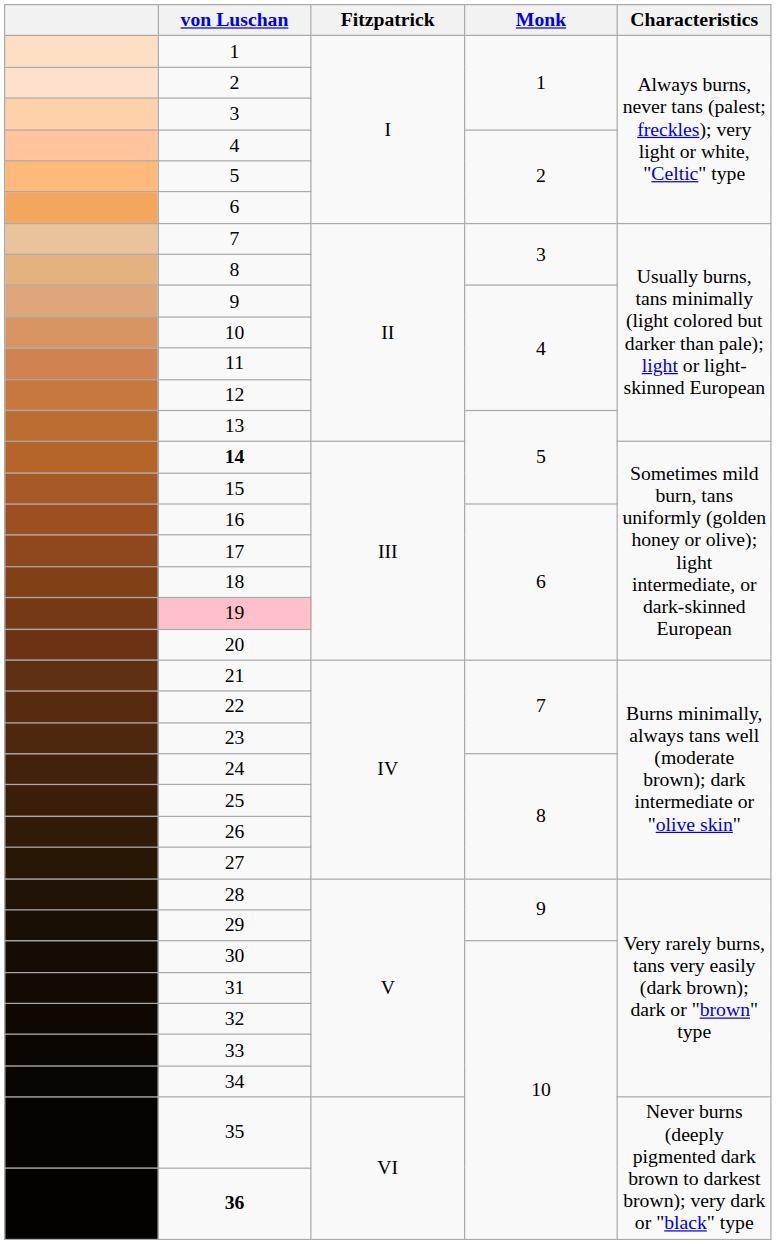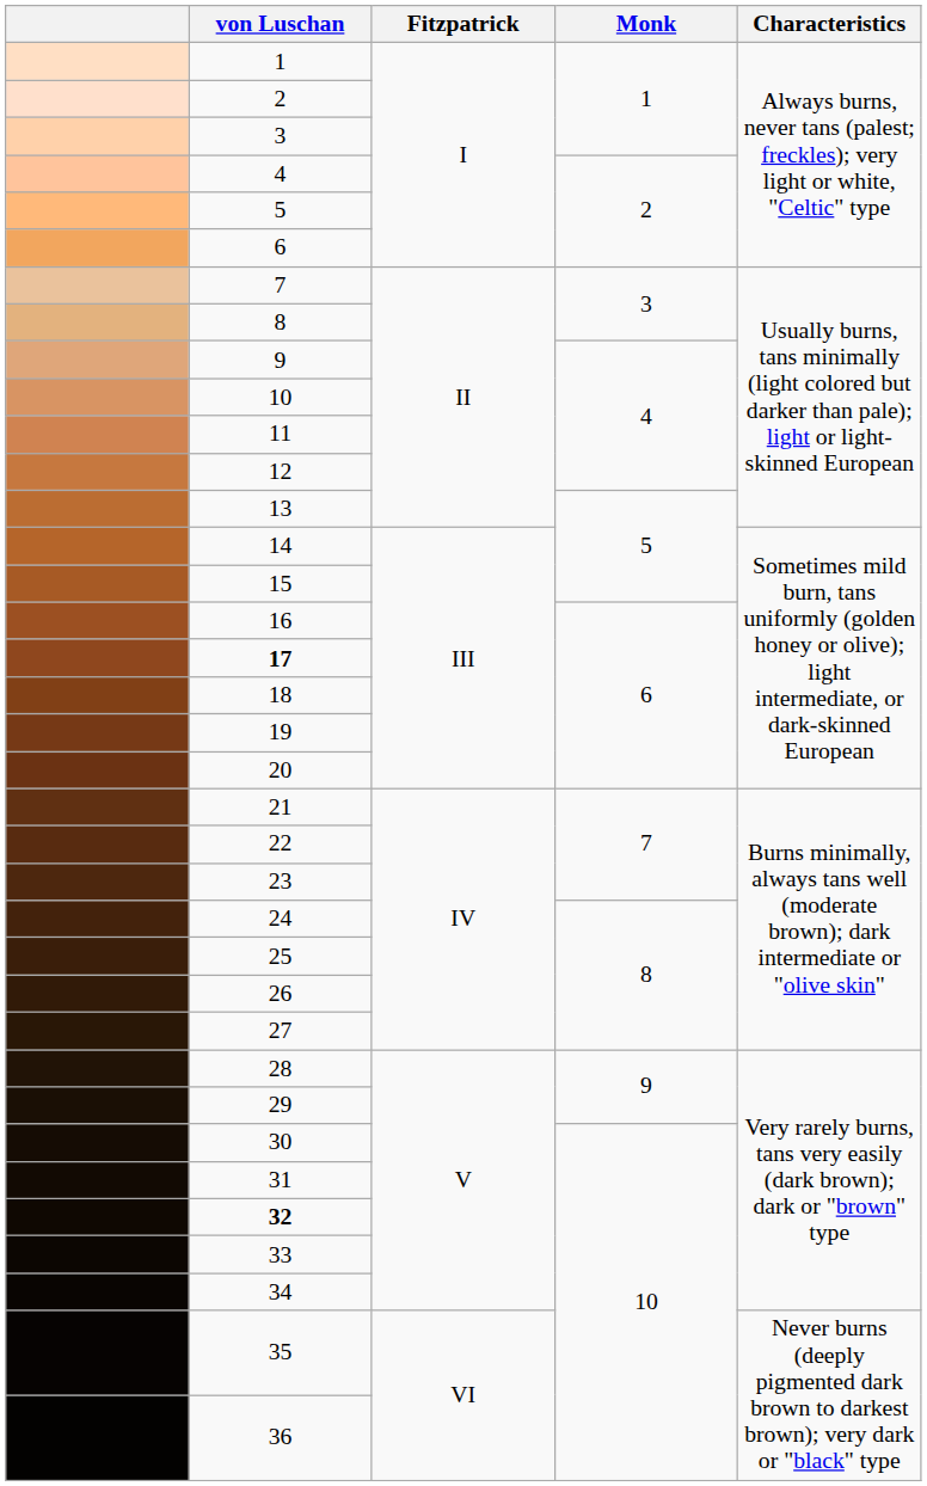 <table class="wikitable"border="1"style="width:100%;text-align:center">
 <tr>
 <th width="20%"></th>
 <th width="20%"><a href='#'>von Luschan</a></th>
 <th width="20%">Fitzpatrick</th>
 <th width="20%"><a href='#'>Monk</a></th>
 <th width="20%">Characteristics</th>
 </tr>
 <tr>
 <td style="background-color:#FFDFC4"></td>
 <td>1</td>
 <td rowspan="6">I</td>
 <td rowspan="3">1</td>
 <td rowspan="6">Always burns, never tans (palest; <a href='#'>freckles</a>); very light or white, "<a href='#'>Celtic</a>" type</td>
 </tr>
 <tr>
 <td style="background-color:#FFE0CC"></td>
 <td>2</td>
 </tr>
 <tr>
 <td style="background-color:#FFD1AA"></td>
 <td>3</td>
 </tr>
 <tr>
 <td style="background-color:#FFC49C"></td>
 <td>4</td>
 <td rowspan="3">2</td>
 </tr>
 <tr>
 <td style="background-color:#FFB97A"></td>
 <td>5</td>
 </tr>
 <tr>
 <td style="background-color:#F2A65E"></td>
 <td>6</td>
 </tr>
 <tr>
 <td style="background-color:#EAC29C"></td>
 <td>7</td>
 <td rowspan="7">II</td>
 <td rowspan="2">3</td>
 <td rowspan="7">Usually burns, tans minimally (light colored but darker than pale); <a href='#'>light</a> or light-skinned European</td>
 </tr>
 <tr>
 <td style="background-color:#E3B27E"></td>
 <td>8</td>
 </tr>
 <tr>
 <td style="background-color:#DFA67A"></td>
 <td>9</td>
 <td rowspan="4">4</td>
 </tr>
 <tr>
 <td style="background-color:#D89463"></td>
 <td>10</td>
 </tr>
 <tr>
 <td style="background-color:#D08351"></td>
 <td>11</td>
 </tr>
 <tr>
 <td style="background-color:#C6783F"></td>
 <td>12</td>
 </tr>
 <tr>
 <td style="background-color:#BB6D32"></td>
 <td>13</td>
 <td rowspan="3">5</td>
 </tr>
 <tr>
 <td style="background-color:#B5652A"></td>
-<td><strong>14</strong></td>
+<td>14</td>
 <td rowspan="7">III</td>
 <td rowspan="7">Sometimes mild burn, tans uniformly (golden honey or olive); light intermediate, or dark-skinned European</td>
 </tr>
 <tr>
 <td style="background-color:#A75A25"></td>
 <td>15</td>
 </tr>
 <tr>
 <td style="background-color:#9C5022"></td>
 <td>16</td>
 <td rowspan="5">6</td>
 </tr>
 <tr>
 <td style="background-color:#8F471E"></td>
-<td>17</td>
+<td><strong>17</strong></td>
 </tr>
 <tr>
 <td style="background-color:#814016"></td>
 <td>18</td>
 </tr>
 <tr>
 <td style="background-color:#763916"></td>
-<td style="background: pink;">19</td>
+<td>19</td>
 </tr>
 <tr>
 <td style="background-color:#6B3213"></td>
 <td>20</td>
 </tr>
 <tr>
 <td style="background-color:#603012"></td>
 <td>21</td>
 <td rowspan="7">IV</td>
 <td rowspan="3">7</td>
 <td rowspan="7">Burns minimally, always tans well (moderate brown); dark intermediate or "<a href='#'>olive skin</a>"</td>
 </tr>
 <tr>
 <td style="background-color:#582B10"></td>
 <td>22</td>
 </tr>
 <tr>
 <td style="background-color:#4D270E"></td>
 <td>23</td>
 </tr>
 <tr>
 <td style="background-color:#43220C"></td>
 <td>24</td>
 <td rowspan="4">8</td>
 </tr>
 <tr>
 <td style="background-color:#3A1E0A"></td>
 <td>25</td>
 </tr>
 <tr>
 <td style="background-color:#311A08"></td>
 <td>26</td>
 </tr>
 <tr>
 <td style="background-color:#291706"></td>
 <td>27</td>
 </tr>
 <tr>
 <td style="background-color:#211306"></td>
 <td>28</td>
 <td rowspan="7">V</td>
 <td rowspan="2">9</td>
 <td rowspan="7">Very rarely burns, tans very easily (dark brown); dark or "<a href='#'>brown</a>" type</td>
 </tr>
 <tr>
 <td style="background-color:#1A0F05"></td>
 <td>29</td>
 </tr>
 <tr>
 <td style="background-color:#150C04"></td>
 <td>30</td>
 <td rowspan="7">10</td>
 </tr>
 <tr>
 <td style="background-color:#120A03"></td>
 <td>31</td>
 </tr>
 <tr>
 <td style="background-color:#0F0802"></td>
-<td>32</td>
+<td><strong>32</strong></td>
 </tr>
 <tr>
 <td style="background-color:#0C0602"></td>
 <td>33</td>
 </tr>
 <tr>
 <td style="background-color:#090502"></td>
 <td>34</td>
 </tr>
 <tr>
 <td style="background-color:#060302"></td>
 <td>35</td>
 <td rowspan="2">VI</td>
 <td rowspan="2">Never burns (deeply pigmented dark brown to darkest brown); very dark or "<a href='#'>black</a>" type</td>
 </tr>
 <tr>
 <td style="background-color:#030201"></td>
-<td><strong>36</strong></td>
+<td>36</td>
 </tr>
 </table>
